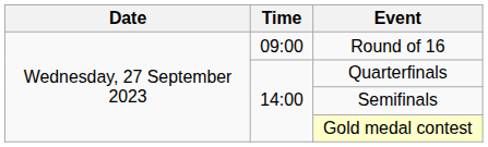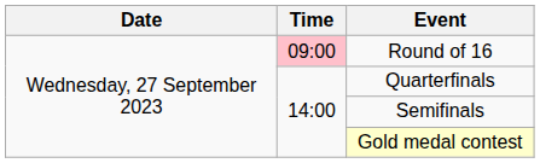 <table class = "wikitable" style="text-align:center;">
 <tr>
 <th width=220>Date</th>
 <th width=50>Time</th>
 <th width=150>Event</th>
 </tr>
 <tr>
 <td rowspan=4>Wednesday, 27 September 2023</td>
-<td>09:00</td>
+<td style="background: pink;">09:00</td>
 <td>Round of 16</td>
 </tr>
 <tr>
 <td rowspan=3>14:00</td>
 <td>Quarterfinals</td>
 </tr>
 <tr>
 <td>Semifinals</td>
 </tr>
 <tr>
 <td bgcolor=ffffcc>Gold medal contest</td>
 </tr>
 </table>
